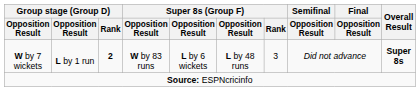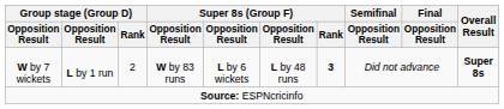 <table class=wikitable style=font-size:90%;text-align:center>
 <tr>
 <th colspan=3>Group stage (Group D)</th>
 <th colspan=4>Super 8s (Group F)</th>
 <th>Semifinal</th>
 <th>Final</th>
 <th rowspan=2>Overall Result</th>
 </tr>
 <tr style=font-size:95%>
 <th>Opposition<br>Result</th>
 <th>Opposition<br>Result</th>
 <th>Rank</th>
 <th>Opposition<br>Result</th>
 <th>Opposition<br>Result</th>
 <th>Opposition<br>Result</th>
 <th>Rank</th>
 <th>Opposition<br>Result</th>
 <th>Opposition<br>Result</th>
 </tr>
 <tr>
 <td><br><strong>W</strong> by 7 wickets</td>
 <td><br><strong>L</strong> by 1 run</td>
-<td><strong>2</strong></td>
+<td>2</td>
 <td><br><strong>W</strong> by 83 runs</td>
 <td><br><strong>L</strong> by 6 wickets</td>
 <td><br><strong>L</strong> by 48 runs</td>
-<td>3</td>
+<td><strong>3</strong></td>
 <td colspan="2"><em>Did not advance</em></td>
 <td><strong>Super 8s</strong></td>
 </tr>
 <tr>
 <td colspan="11"><strong>Source:</strong> ESPNcricinfo</td>
 </tr>
 </table>
